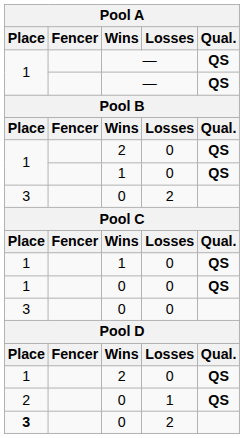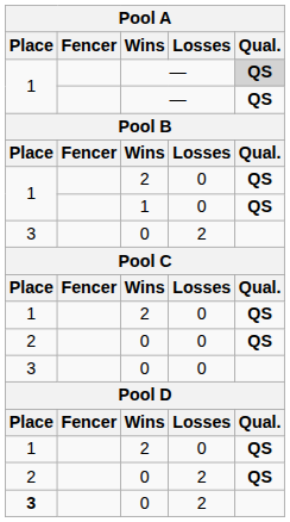 <table class=wikitable style="text-align:center">
 <tr>
 <th colspan=5>Pool A</th>
 </tr>
 <tr>
 <th>Place</th>
 <th>Fencer</th>
 <th>Wins</th>
 <th>Losses</th>
 <th>Qual.</th>
 </tr>
 <tr>
 <td rowspan=2>1</td>
 <td align=left></td>
 <td colspan=2>—</td>
-<td><strong>QS</strong></td>
+<td style="background: lightgrey;"><strong>QS</strong></td>
 </tr>
 <tr>
 <td align=left></td>
 <td colspan=2>—</td>
 <td><strong>QS</strong></td>
 </tr>
 <tr>
 <th colspan=5>Pool B</th>
 </tr>
 <tr>
 <th>Place</th>
 <th>Fencer</th>
 <th>Wins</th>
 <th>Losses</th>
 <th>Qual.</th>
 </tr>
 <tr>
 <td rowspan=2>1</td>
 <td align=left></td>
 <td>2</td>
 <td>0</td>
 <td><strong>QS</strong></td>
 </tr>
 <tr>
 <td align=left></td>
 <td>1</td>
 <td>0</td>
 <td><strong>QS</strong></td>
 </tr>
 <tr>
 <td>3</td>
 <td align=left></td>
 <td>0</td>
 <td>2</td>
 <td></td>
 </tr>
 <tr>
 <th colspan=5>Pool C</th>
 </tr>
 <tr>
 <th>Place</th>
 <th>Fencer</th>
 <th>Wins</th>
 <th>Losses</th>
 <th>Qual.</th>
 </tr>
 <tr>
 <td>1</td>
 <td align=left></td>
-<td>1</td>
+<td>2</td>
 <td>0</td>
 <td><strong>QS</strong></td>
 </tr>
 <tr>
-<td>1</td>
+<td>2</td>
 <td align=left></td>
 <td>0</td>
 <td>0</td>
 <td><strong>QS</strong></td>
 </tr>
 <tr>
 <td>3</td>
 <td align=left></td>
 <td>0</td>
 <td>0</td>
 <td></td>
 </tr>
 <tr>
 <th colspan=5>Pool D</th>
 </tr>
 <tr>
 <th>Place</th>
 <th>Fencer</th>
 <th>Wins</th>
 <th>Losses</th>
 <th>Qual.</th>
 </tr>
 <tr>
 <td>1</td>
 <td align=left></td>
 <td>2</td>
 <td>0</td>
 <td><strong>QS</strong></td>
 </tr>
 <tr>
 <td>2</td>
 <td align=left></td>
 <td>0</td>
-<td>1</td>
+<td>2</td>
 <td><strong>QS</strong></td>
 </tr>
 <tr>
 <td><strong>3</strong></td>
 <td align=left></td>
 <td>0</td>
 <td>2</td>
 <td></td>
 </tr>
 </table>
